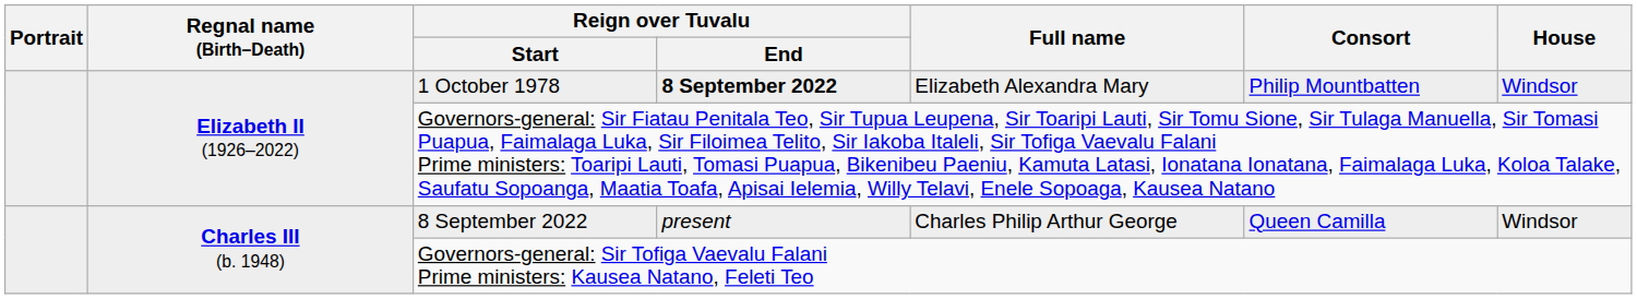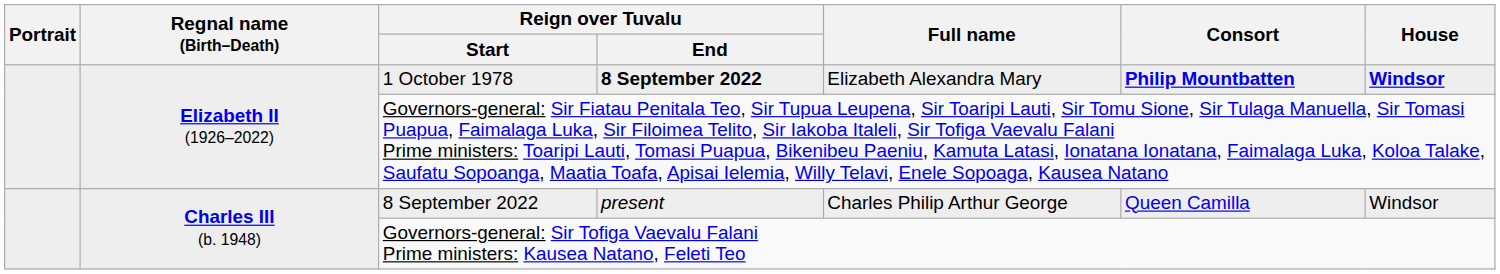 <table class="wikitable" style="width:100%;">
 <tr>
 <th rowspan="2">Portrait</th>
 <th rowspan="2" style="width:20%;">Regnal name<br><small>(Birth–Death)</small></th>
 <th colspan=2>Reign over Tuvalu</th>
 <th rowspan="2">Full name</th>
 <th rowspan="2">Consort</th>
 <th rowspan="2">House</th>
 </tr>
 <tr>
 <th>Start</th>
 <th>End</th>
 </tr>
 <tr style="background:#eee;">
 <td rowspan="2" style="text-align:center;"></td>
 <td rowspan="2" style="text-align:center;"><strong><a href='#'>Elizabeth II</a></strong><br><small>(1926–2022)</small></td>
 <td>1 October 1978</td>
 <td><strong>8 September 2022</strong></td>
 <td>Elizabeth Alexandra Mary</td>
-<td><a href='#'>Philip Mountbatten</a></td>
-<td><a href='#'>Windsor</a></td>
+<td><strong><a href='#'>Philip Mountbatten</a></strong></td>
+<td><strong><a href='#'>Windsor</a></strong></td>
 </tr>
 <tr>
 <td colspan="5"><u>Governors-general:</u> <a href='#'>Sir Fiatau Penitala Teo</a>, <a href='#'>Sir Tupua Leupena</a>, <a href='#'>Sir Toaripi Lauti</a>, <a href='#'>Sir Tomu Sione</a>, <a href='#'>Sir Tulaga Manuella</a>, <a href='#'>Sir Tomasi Puapua</a>, <a href='#'>Faimalaga Luka</a>, <a href='#'>Sir Filoimea Telito</a>, <a href='#'>Sir Iakoba Italeli</a>, <a href='#'>Sir Tofiga Vaevalu Falani</a><br><u>Prime ministers:</u> <a href='#'>Toaripi Lauti</a>, <a href='#'>Tomasi Puapua</a>, <a href='#'>Bikenibeu Paeniu</a>, <a href='#'>Kamuta Latasi</a>, <a href='#'>Ionatana Ionatana</a>, <a href='#'>Faimalaga Luka</a>, <a href='#'>Koloa Talake</a>, <a href='#'>Saufatu Sopoanga</a>, <a href='#'>Maatia Toafa</a>, <a href='#'>Apisai Ielemia</a>, <a href='#'>Willy Telavi</a>, <a href='#'>Enele Sopoaga</a>, <a href='#'>Kausea Natano</a></td>
 </tr>
 <tr style="background:#eee;">
 <td rowspan="2" style="text-align:center;"></td>
 <td rowspan="2" style="text-align:center;"><strong><a href='#'>Charles III</a></strong><br><small>(b. 1948)</small></td>
 <td>8 September 2022</td>
 <td><em>present</em></td>
 <td>Charles Philip Arthur George</td>
 <td><a href='#'>Queen Camilla</a></td>
 <td>Windsor</td>
 </tr>
 <tr>
 <td colspan="5"><u>Governors-general:</u> <a href='#'>Sir Tofiga Vaevalu Falani</a><br><u>Prime ministers:</u> <a href='#'>Kausea Natano</a>, <a href='#'>Feleti Teo</a></td>
 </tr>
 </table>
